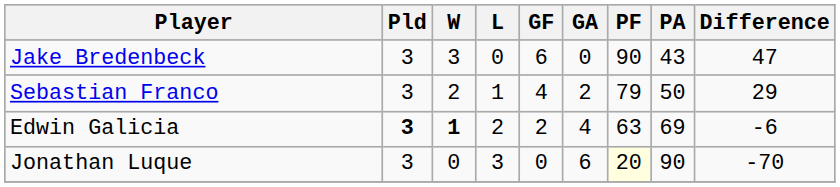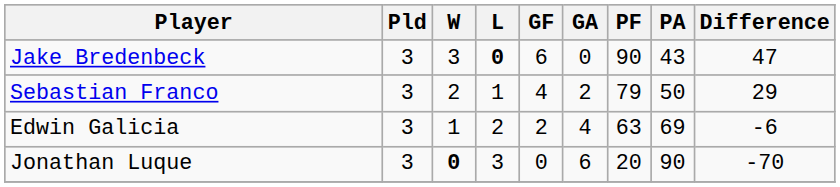 <table class=wikitable style="text-align:center">
 <tr>
 <th width=220>Player</th>
 <th width=20>Pld</th>
 <th width=20>W</th>
 <th width=20>L</th>
 <th width=20>GF</th>
 <th width=20>GA</th>
 <th width=20>PF</th>
 <th width=20>PA</th>
 <th width=30>Difference</th>
 </tr>
 <tr>
 <td align=left> <a href='#'>Jake Bredenbeck</a></td>
 <td>3</td>
 <td>3</td>
-<td>0</td>
+<td><strong>0</strong></td>
 <td>6</td>
 <td>0</td>
 <td>90</td>
 <td>43</td>
 <td>47</td>
 </tr>
 <tr>
 <td align=left> <a href='#'>Sebastian Franco</a></td>
 <td>3</td>
 <td>2</td>
 <td>1</td>
 <td>4</td>
 <td>2</td>
 <td>79</td>
 <td>50</td>
 <td>29</td>
 </tr>
 <tr>
 <td align=left> Edwin Galicia</td>
-<td><strong>3</strong></td>
-<td><strong>1</strong></td>
+<td>3</td>
+<td>1</td>
 <td>2</td>
 <td>2</td>
 <td>4</td>
 <td>63</td>
 <td>69</td>
 <td>-6</td>
 </tr>
 <tr>
 <td align=left> Jonathan Luque</td>
 <td>3</td>
-<td>0</td>
+<td><strong>0</strong></td>
 <td>3</td>
 <td>0</td>
 <td>6</td>
-<td style="background: lightyellow;">20</td>
+<td>20</td>
 <td>90</td>
 <td>-70</td>
 </tr>
 <tr>
 </tr>
 </table>
